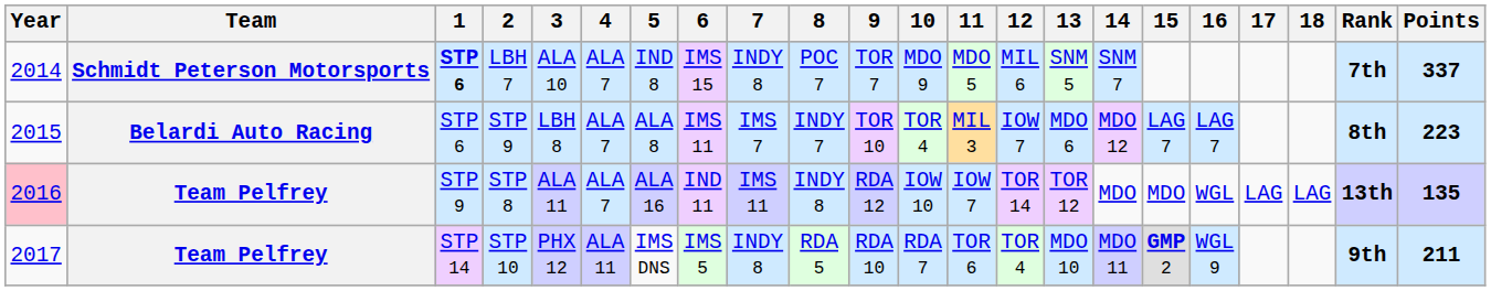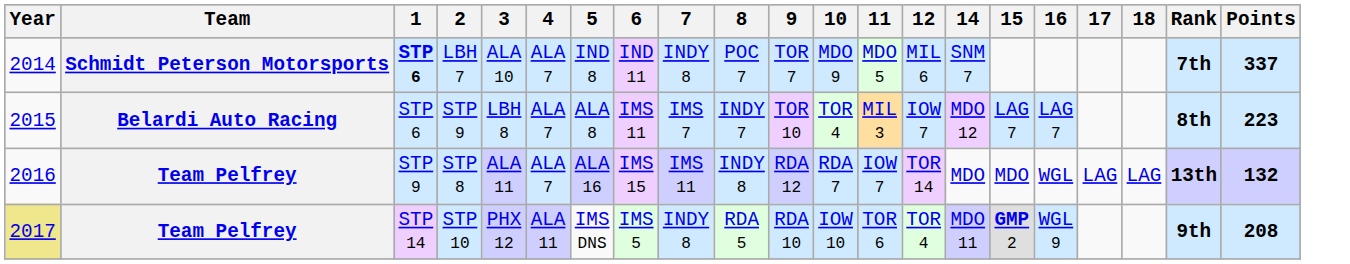 <table class="wikitable" style="text-align:center; font-size:90%">
 <tr>
 <th>Year</th>
 <th>Team</th>
 <th>1</th>
 <th>2</th>
 <th>3</th>
 <th>4</th>
 <th>5</th>
 <th>6</th>
 <th>7</th>
 <th>8</th>
 <th>9</th>
 <th>10</th>
 <th>11</th>
 <th>12</th>
-<th>13</th>
 <th>14</th>
 <th>15</th>
 <th>16</th>
 <th>17</th>
 <th>18</th>
 <th>Rank</th>
 <th>Points</th>
 </tr>
 <tr>
 <td><a href='#'>2014</a></td>
 <th><a href='#'>Schmidt Peterson Motorsports</a></th>
 <td style="background:#CFEAFF;"><strong><a href='#'>STP</a><br><small>6</small></strong></td>
 <td style="background:#CFEAFF;"><a href='#'>LBH</a><br><small>7</small></td>
 <td style="background:#CFEAFF;"><a href='#'>ALA</a><br><small>10</small></td>
 <td style="background:#CFEAFF;"><a href='#'>ALA</a><br><small>7</small></td>
 <td style="background:#CFEAFF;"><a href='#'>IND</a><br><small>8</small></td>
-<td style="background:#EFCFFF;"><a href='#'>IMS</a><br><small>15</small></td>
+<td style="background:#EFCFFF;"><a href='#'>IND</a><br><small>11</small></td>
 <td style="background:#CFEAFF;"><a href='#'>INDY</a><br><small>8</small></td>
 <td style="background:#CFEAFF;"><a href='#'>POC</a><br><small>7</small></td>
 <td style="background:#CFEAFF;"><a href='#'>TOR</a><br><small>7</small></td>
 <td style="background:#CFEAFF;"><a href='#'>MDO</a><br><small>9</small></td>
 <td style="background:#DFFFDF;"><a href='#'>MDO</a><br><small>5</small></td>
 <td style="background:#CFEAFF;"><a href='#'>MIL</a><br><small>6</small></td>
-<td style="background:#DFFFDF;"><a href='#'>SNM</a><br><small>5</small></td>
 <td style="background:#CFEAFF;"><a href='#'>SNM</a><br><small>7</small></td>
 <td></td>
 <td></td>
 <td></td>
 <td></td>
 <td style="background:#CFEAFF;"><strong>7th</strong></td>
 <td style="background:#CFEAFF;"><strong>337</strong></td>
 </tr>
 <tr>
 <td><a href='#'>2015</a></td>
 <th><a href='#'>Belardi Auto Racing</a></th>
 <td style="background:#CFEAFF;"><a href='#'>STP</a><br><small>6</small></td>
 <td style="background:#CFEAFF;"><a href='#'>STP</a><br><small>9</small></td>
 <td style="background:#CFEAFF;"><a href='#'>LBH</a><br><small>8</small></td>
 <td style="background:#CFEAFF;"><a href='#'>ALA</a><br><small>7</small></td>
 <td style="background:#CFEAFF;"><a href='#'>ALA</a><br><small>8</small></td>
 <td style="background:#EFCFFF;"><a href='#'>IMS</a><br><small>11</small></td>
 <td style="background:#CFEAFF;"><a href='#'>IMS</a><br><small>7</small></td>
 <td style="background:#CFEAFF;"><a href='#'>INDY</a><br><small>7</small></td>
 <td style="background:#EFCFFF;"><a href='#'>TOR</a><br><small>10</small></td>
 <td style="background:#DFFFDF;"><a href='#'>TOR</a><br><small>4</small></td>
 <td style="background:#FFDF9F;"><a href='#'>MIL</a><br><small>3</small></td>
 <td style="background:#CFEAFF;"><a href='#'>IOW</a><br><small>7</small></td>
-<td style="background:#CFEAFF;"><a href='#'>MDO</a><br><small>6</small></td>
 <td style="background:#EFCFFF;"><a href='#'>MDO</a><br><small>12</small></td>
 <td style="background:#CFEAFF;"><a href='#'>LAG</a><br><small>7</small></td>
 <td style="background:#CFEAFF;"><a href='#'>LAG</a><br><small>7</small></td>
 <td></td>
 <td></td>
 <th style="background:#CFEAFF;">8th</th>
 <th style="background:#CFEAFF;">223</th>
 </tr>
 <tr>
-<td style="background: pink;"><a href='#'>2016</a></td>
+<td><a href='#'>2016</a></td>
 <th><a href='#'>Team Pelfrey</a></th>
 <td style="background:#CFEAFF;"><a href='#'>STP</a><br><small>9</small></td>
 <td style="background:#CFEAFF;"><a href='#'>STP</a><br><small>8</small></td>
 <td style="background:#CFCFFF;"><a href='#'>ALA</a><br><small>11</small></td>
 <td style="background:#CFEAFF;"><a href='#'>ALA</a><br><small>7</small></td>
 <td style="background:#CFCFFF;"><a href='#'>ALA</a><br><small>16</small></td>
-<td style="background:#EFCFFF;"><a href='#'>IND</a><br><small>11</small></td>
+<td style="background:#EFCFFF;"><a href='#'>IMS</a><br><small>15</small></td>
 <td style="background:#CFCFFF;"><a href='#'>IMS</a><br><small>11</small></td>
 <td style="background:#CFEAFF;"><a href='#'>INDY</a><br><small>8</small></td>
 <td style="background:#CFCFFF;"><a href='#'>RDA</a><br><small>12</small></td>
-<td style="background:#CFEAFF;"><a href='#'>IOW</a><br><small>10</small></td>
+<td style="background:#CFEAFF;"><a href='#'>RDA</a><br><small>7</small></td>
 <td style="background:#CFEAFF;"><a href='#'>IOW</a><br><small>7</small></td>
 <td style="background:#EFCFFF;"><a href='#'>TOR</a><br><small>14</small></td>
-<td style="background:#EFCFFF;"><a href='#'>TOR</a><br><small>12</small></td>
 <td><a href='#'>MDO</a></td>
 <td><a href='#'>MDO</a></td>
 <td><a href='#'>WGL</a></td>
 <td><a href='#'>LAG</a></td>
 <td><a href='#'>LAG</a></td>
 <th style="background:#CFCFFF;">13th</th>
-<th style="background:#CFCFFF;">135</th>
+<th style="background:#CFCFFF;">132</th>
 </tr>
 <tr>
-<td><a href='#'>2017</a></td>
+<td style="background: khaki;"><a href='#'>2017</a></td>
 <th><a href='#'>Team Pelfrey</a></th>
 <td style="background:#EFCFFF;"><a href='#'>STP</a><br><small>14</small></td>
 <td style="background:#CFEAFF;"><a href='#'>STP</a><br><small>10</small></td>
 <td style="background:#CFCFFF;"><a href='#'>PHX</a><br><small>12</small></td>
 <td style="background:#CFCFFF;"><a href='#'>ALA</a><br><small>11</small></td>
 <td style="background"><a href='#'>IMS</a><br><small>DNS</small></td>
 <td style="background:#DFFFDF;"><a href='#'>IMS</a><br><small>5</small></td>
 <td style="background:#CFEAFF;"><a href='#'>INDY</a><br><small>8</small></td>
 <td style="background:#DFFFDF;"><a href='#'>RDA</a><br><small>5</small></td>
 <td style="background:#CFEAFF;"><a href='#'>RDA</a><br><small>10</small></td>
-<td style="background:#CFEAFF;"><a href='#'>RDA</a><br><small>7</small></td>
+<td style="background:#CFEAFF;"><a href='#'>IOW</a><br><small>10</small></td>
 <td style="background:#CFEAFF;"><a href='#'>TOR</a><br><small>6</small></td>
 <td style="background:#DFFFDF;"><a href='#'>TOR</a><br><small>4</small></td>
-<td style="background:#CFEAFF;"><a href='#'>MDO</a><br><small>10</small></td>
 <td style="background:#CFCFFF;"><a href='#'>MDO</a><br><small>11</small></td>
 <td style="background:#DFDFDF;"><strong><a href='#'>GMP</a></strong><br><small>2</small></td>
 <td style="background:#CFEAFF;"><a href='#'>WGL</a><br><small>9</small></td>
 <td></td>
 <td></td>
 <th style="background:#CFEAFF;">9th</th>
-<th style="background:#CFEAFF;">211</th>
+<th style="background:#CFEAFF;">208</th>
 </tr>
 </table>
